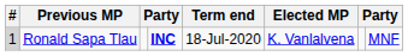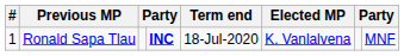 <table class="wikitable sortable">
 <tr>
 <th>#</th>
 <th>Previous MP</th>
 <th colspan="2">Party</th>
 <th>Term end</th>
 <th>Elected MP</th>
 <th colspan="2">Party</th>
 </tr>
 <tr>
-<td style="background: lightgrey;">1</td>
+<td>1</td>
 <td><a href='#'>Ronald Sapa Tlau</a></td>
 <td width="1px"></td>
 <td><strong><a href='#'>INC</a></strong></td>
 <td>18-Jul-2020</td>
 <td><a href='#'>K. Vanlalvena</a></td>
 <td width="1px"></td>
 <td><a href='#'>MNF</a></td>
 </tr>
 </table>
